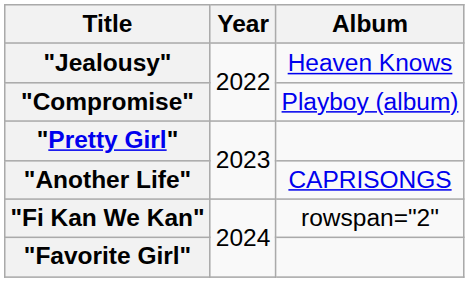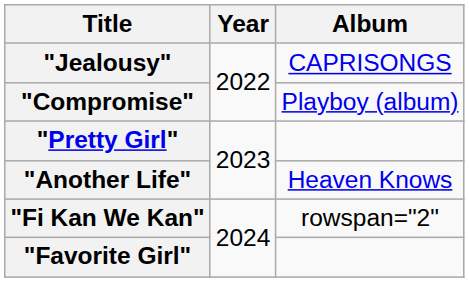 <table class="wikitable plainrowheaders" style="text-align:center;">
 <tr>
 <th scope="col">Title</th>
 <th scope="col">Year</th>
 <th scope="col">Album</th>
 </tr>
 <tr>
 <th scope="row">"Jealousy"<br></th>
 <td rowspan="2">2022</td>
-<td><a href='#'>Heaven Knows</a></td>
+<td><a href='#'>CAPRISONGS</a></td>
 </tr>
 <tr>
 <th scope="row">"Compromise"<br></th>
 <td><a href='#'>Playboy (album)</a></td>
 </tr>
 <tr>
 <th scope="row">"<a href='#'>Pretty Girl</a>"<br></th>
 <td rowspan="2">2023</td>
 <td></td>
 </tr>
 <tr>
 <th scope="row">"Another Life"<br></th>
-<td><a href='#'>CAPRISONGS</a></td>
+<td><a href='#'>Heaven Knows</a></td>
 </tr>
 <tr>
 <th scope="row">"Fi Kan We Kan"<br></th>
 <td rowspan="2">2024</td>
 <td>rowspan="2"</td>
 </tr>
 <tr>
 <th scope="row">"Favorite Girl"<br></th>
 </tr>
 </table>
